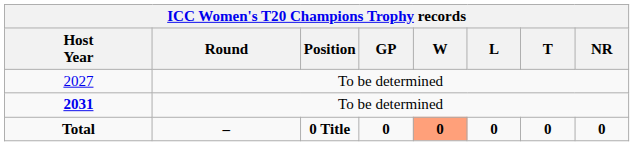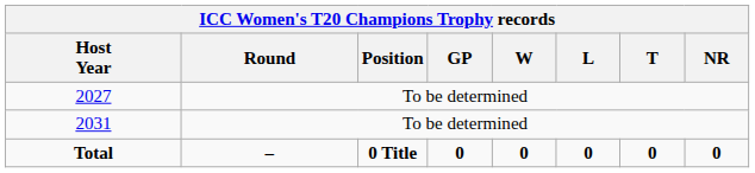 <table class="wikitable" style="text-align: center; width=900px;">
 <tr>
 <th colspan=9><a href='#'>ICC Women's T20 Champions Trophy</a> records</th>
 </tr>
 <tr>
 <th width=150>Host<br>Year</th>
 <th width=150>Round</th>
 <th width=50>Position</th>
 <th width=50>GP</th>
 <th width=50>W</th>
 <th width=50>L</th>
 <th width=50>T</th>
 <th width=50>NR</th>
 </tr>
 <tr>
 <td> <a href='#'>2027</a></td>
 <td colspan=8>To be determined</td>
 </tr>
 <tr>
-<td><strong> <a href='#'>2031</a></strong></td>
+<td> <a href='#'>2031</a></td>
 <td colspan=8>To be determined</td>
 </tr>
 <tr>
 <td><strong>Total</strong></td>
 <td><strong>–</strong></td>
 <td><strong>0 Title</strong></td>
 <td><strong>0</strong></td>
-<td style="background: lightsalmon;"><strong>0</strong></td>
+<td><strong>0</strong></td>
 <td><strong>0</strong></td>
 <td><strong>0</strong></td>
 <td><strong>0</strong></td>
 </tr>
 </table>
